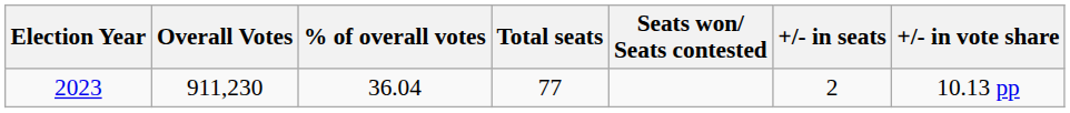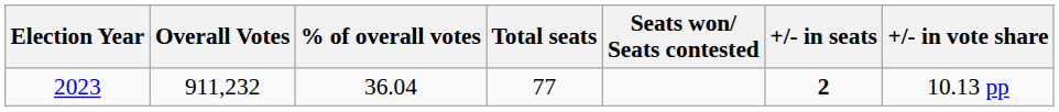 <table class="wikitable sortable" style="text-align:center">
 <tr>
 <th Style="background-color:">Election Year</th>
 <th Style="background-color:">Overall Votes</th>
 <th Style="background-color:">% of overall votes</th>
 <th Style="background-color:">Total seats</th>
 <th Style="background-color:">Seats won/<br>Seats contested</th>
 <th Style="background-color:">+/- in seats</th>
 <th Style="background-color:">+/- in vote share</th>
 </tr>
 <tr>
 <td><a href='#'>2023</a></td>
-<td>911,230</td>
+<td>911,232</td>
 <td>36.04</td>
 <td>77</td>
 <td></td>
-<td> 2</td>
+<td><strong> 2</strong></td>
 <td> 10.13 <a href='#'>pp</a></td>
 </tr>
 </table>
